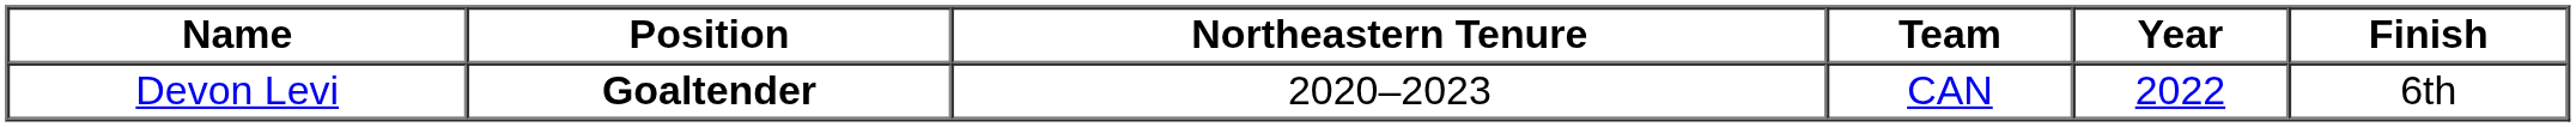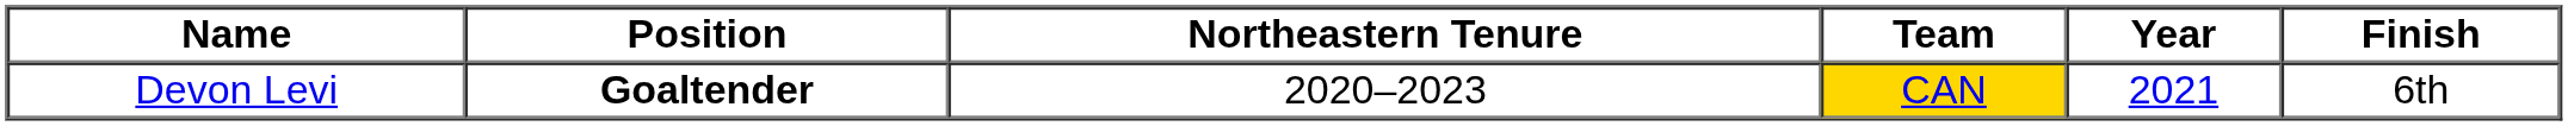 <table cellpadding="1" border="1" cellspacing="0" width="80%">
 <tr>
 <th>Name</th>
 <th>Position</th>
 <th>Northeastern Tenure</th>
 <th>Team</th>
 <th>Year</th>
 <th>Finish</th>
 </tr>
 <tr align="center">
 <td><a href='#'>Devon Levi</a></td>
 <td><strong>Goaltender</strong></td>
 <td>2020–2023</td>
-<td> <a href='#'>CAN</a></td>
-<td><a href='#'>2022</a></td>
+<td style="background: gold;"> <a href='#'>CAN</a></td>
+<td><a href='#'>2021</a></td>
 <td>6th</td>
 </tr>
 <tr align="center">
 </tr>
 </table>
